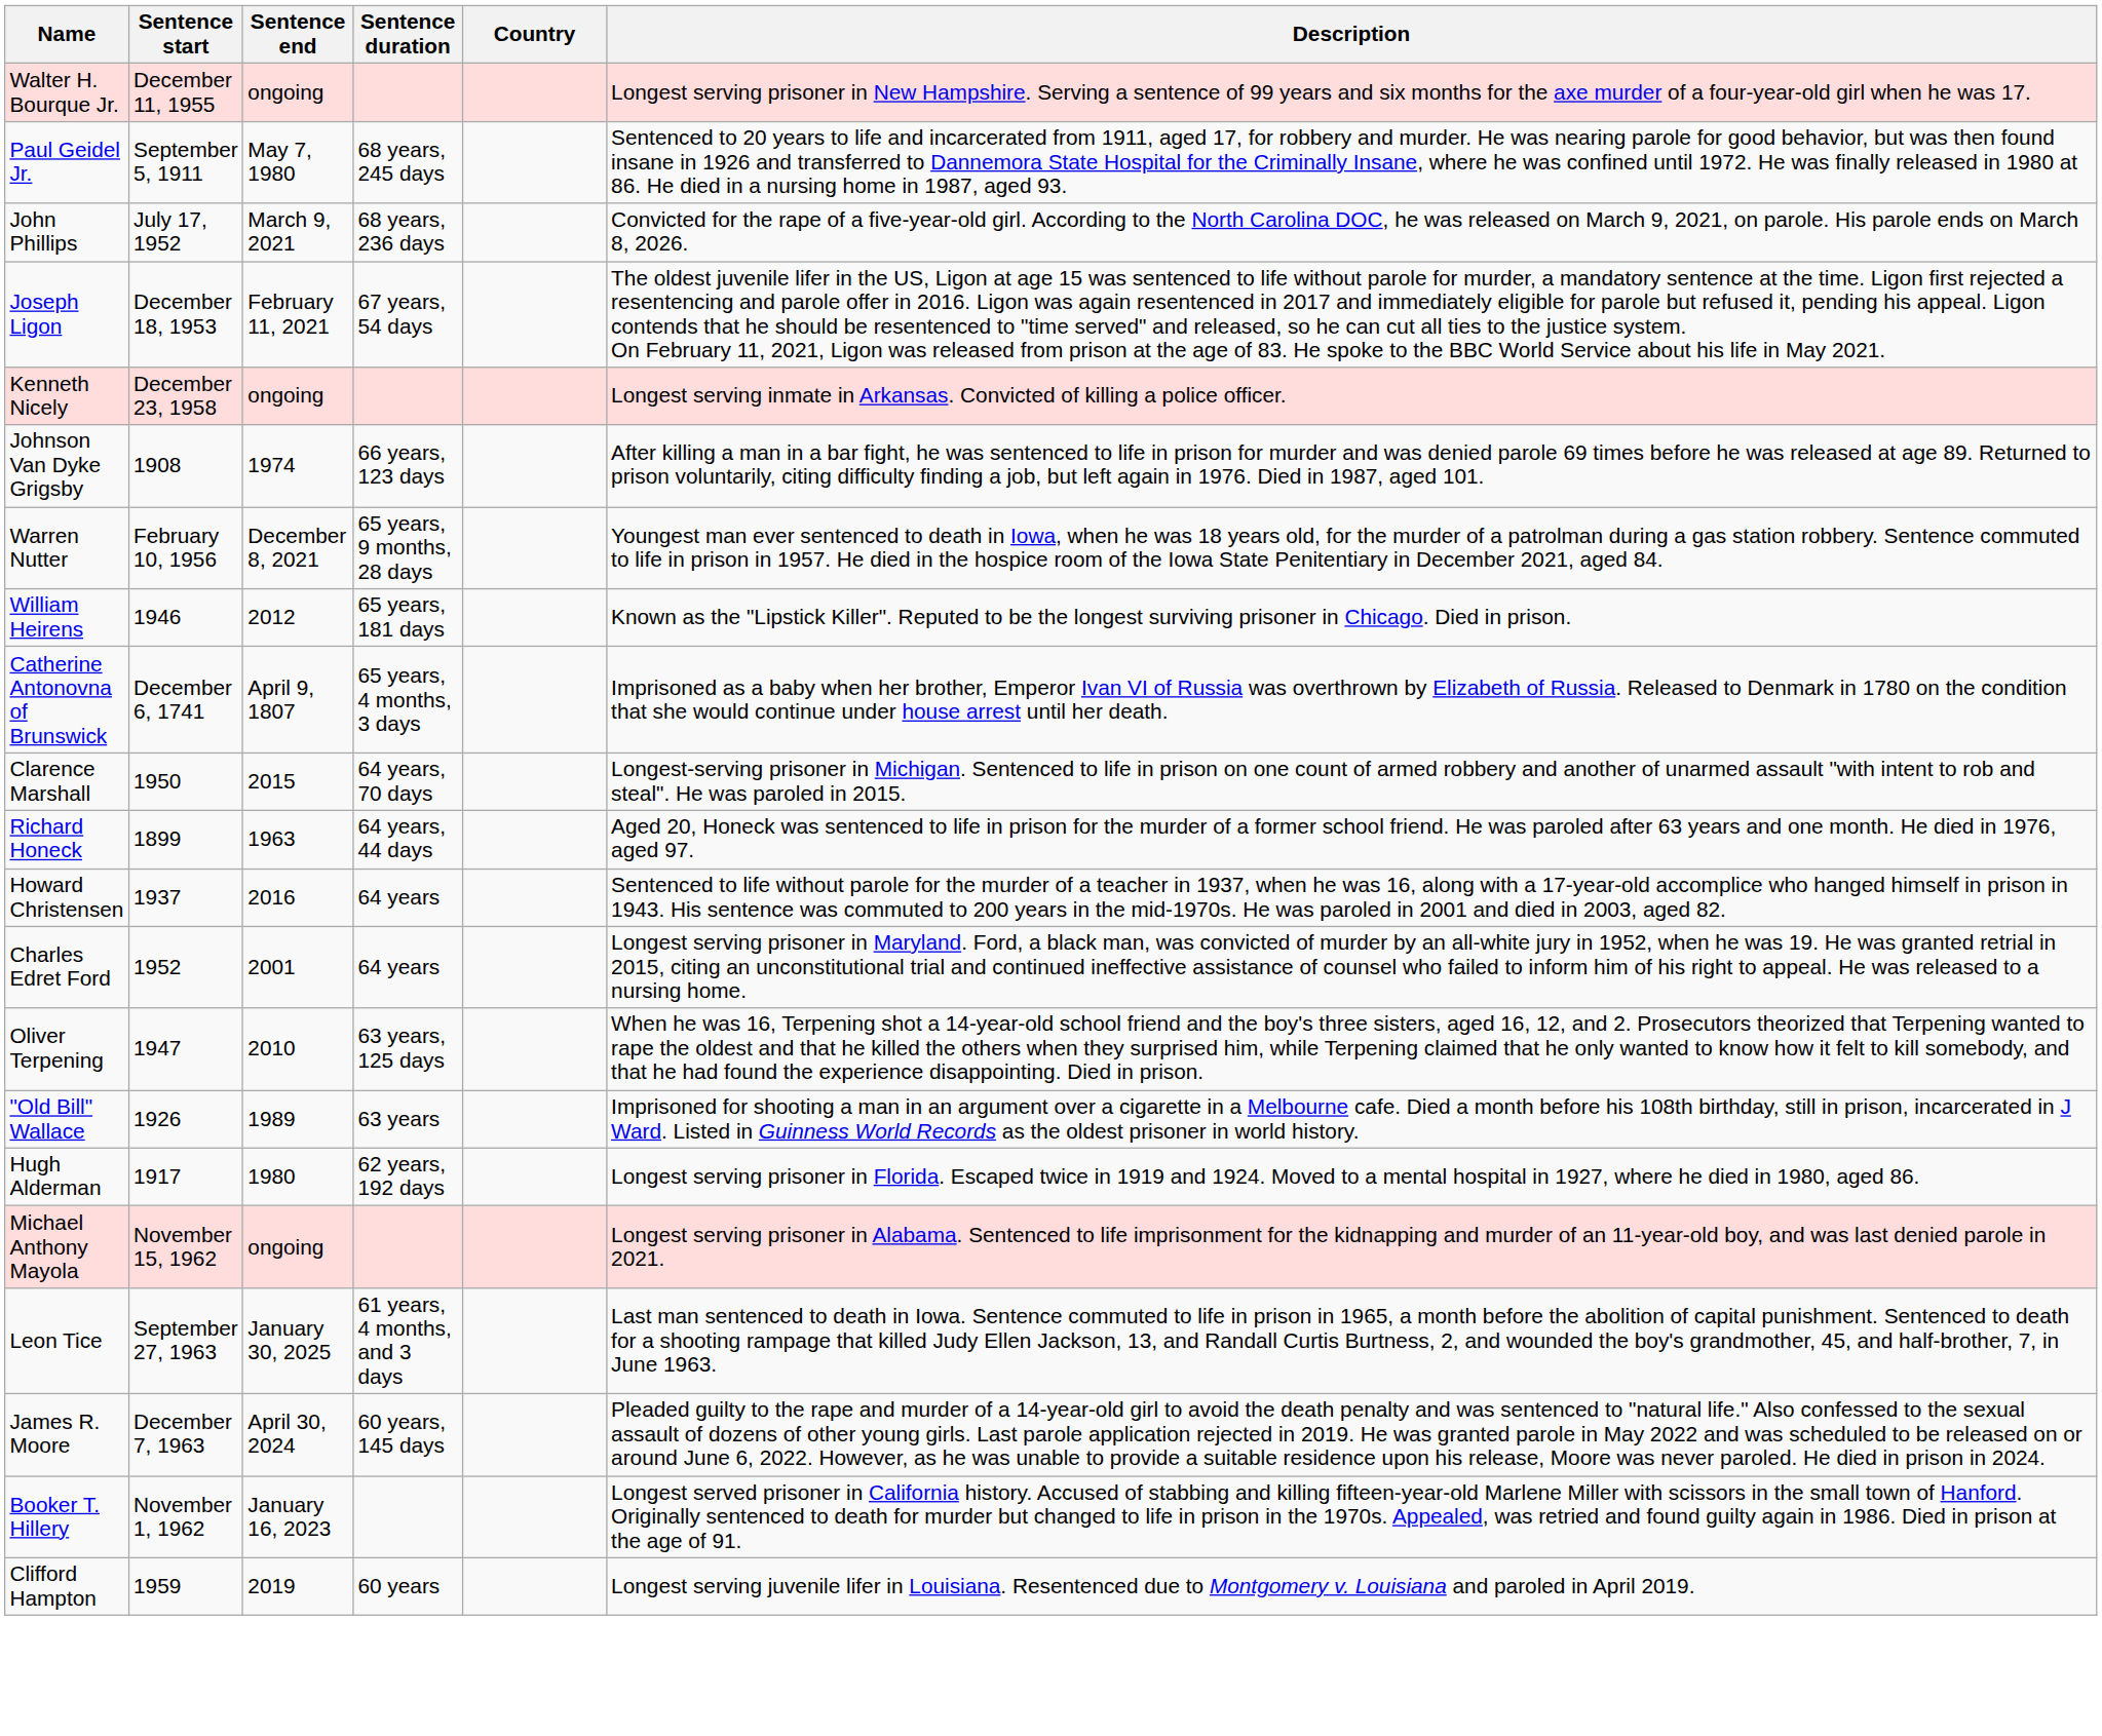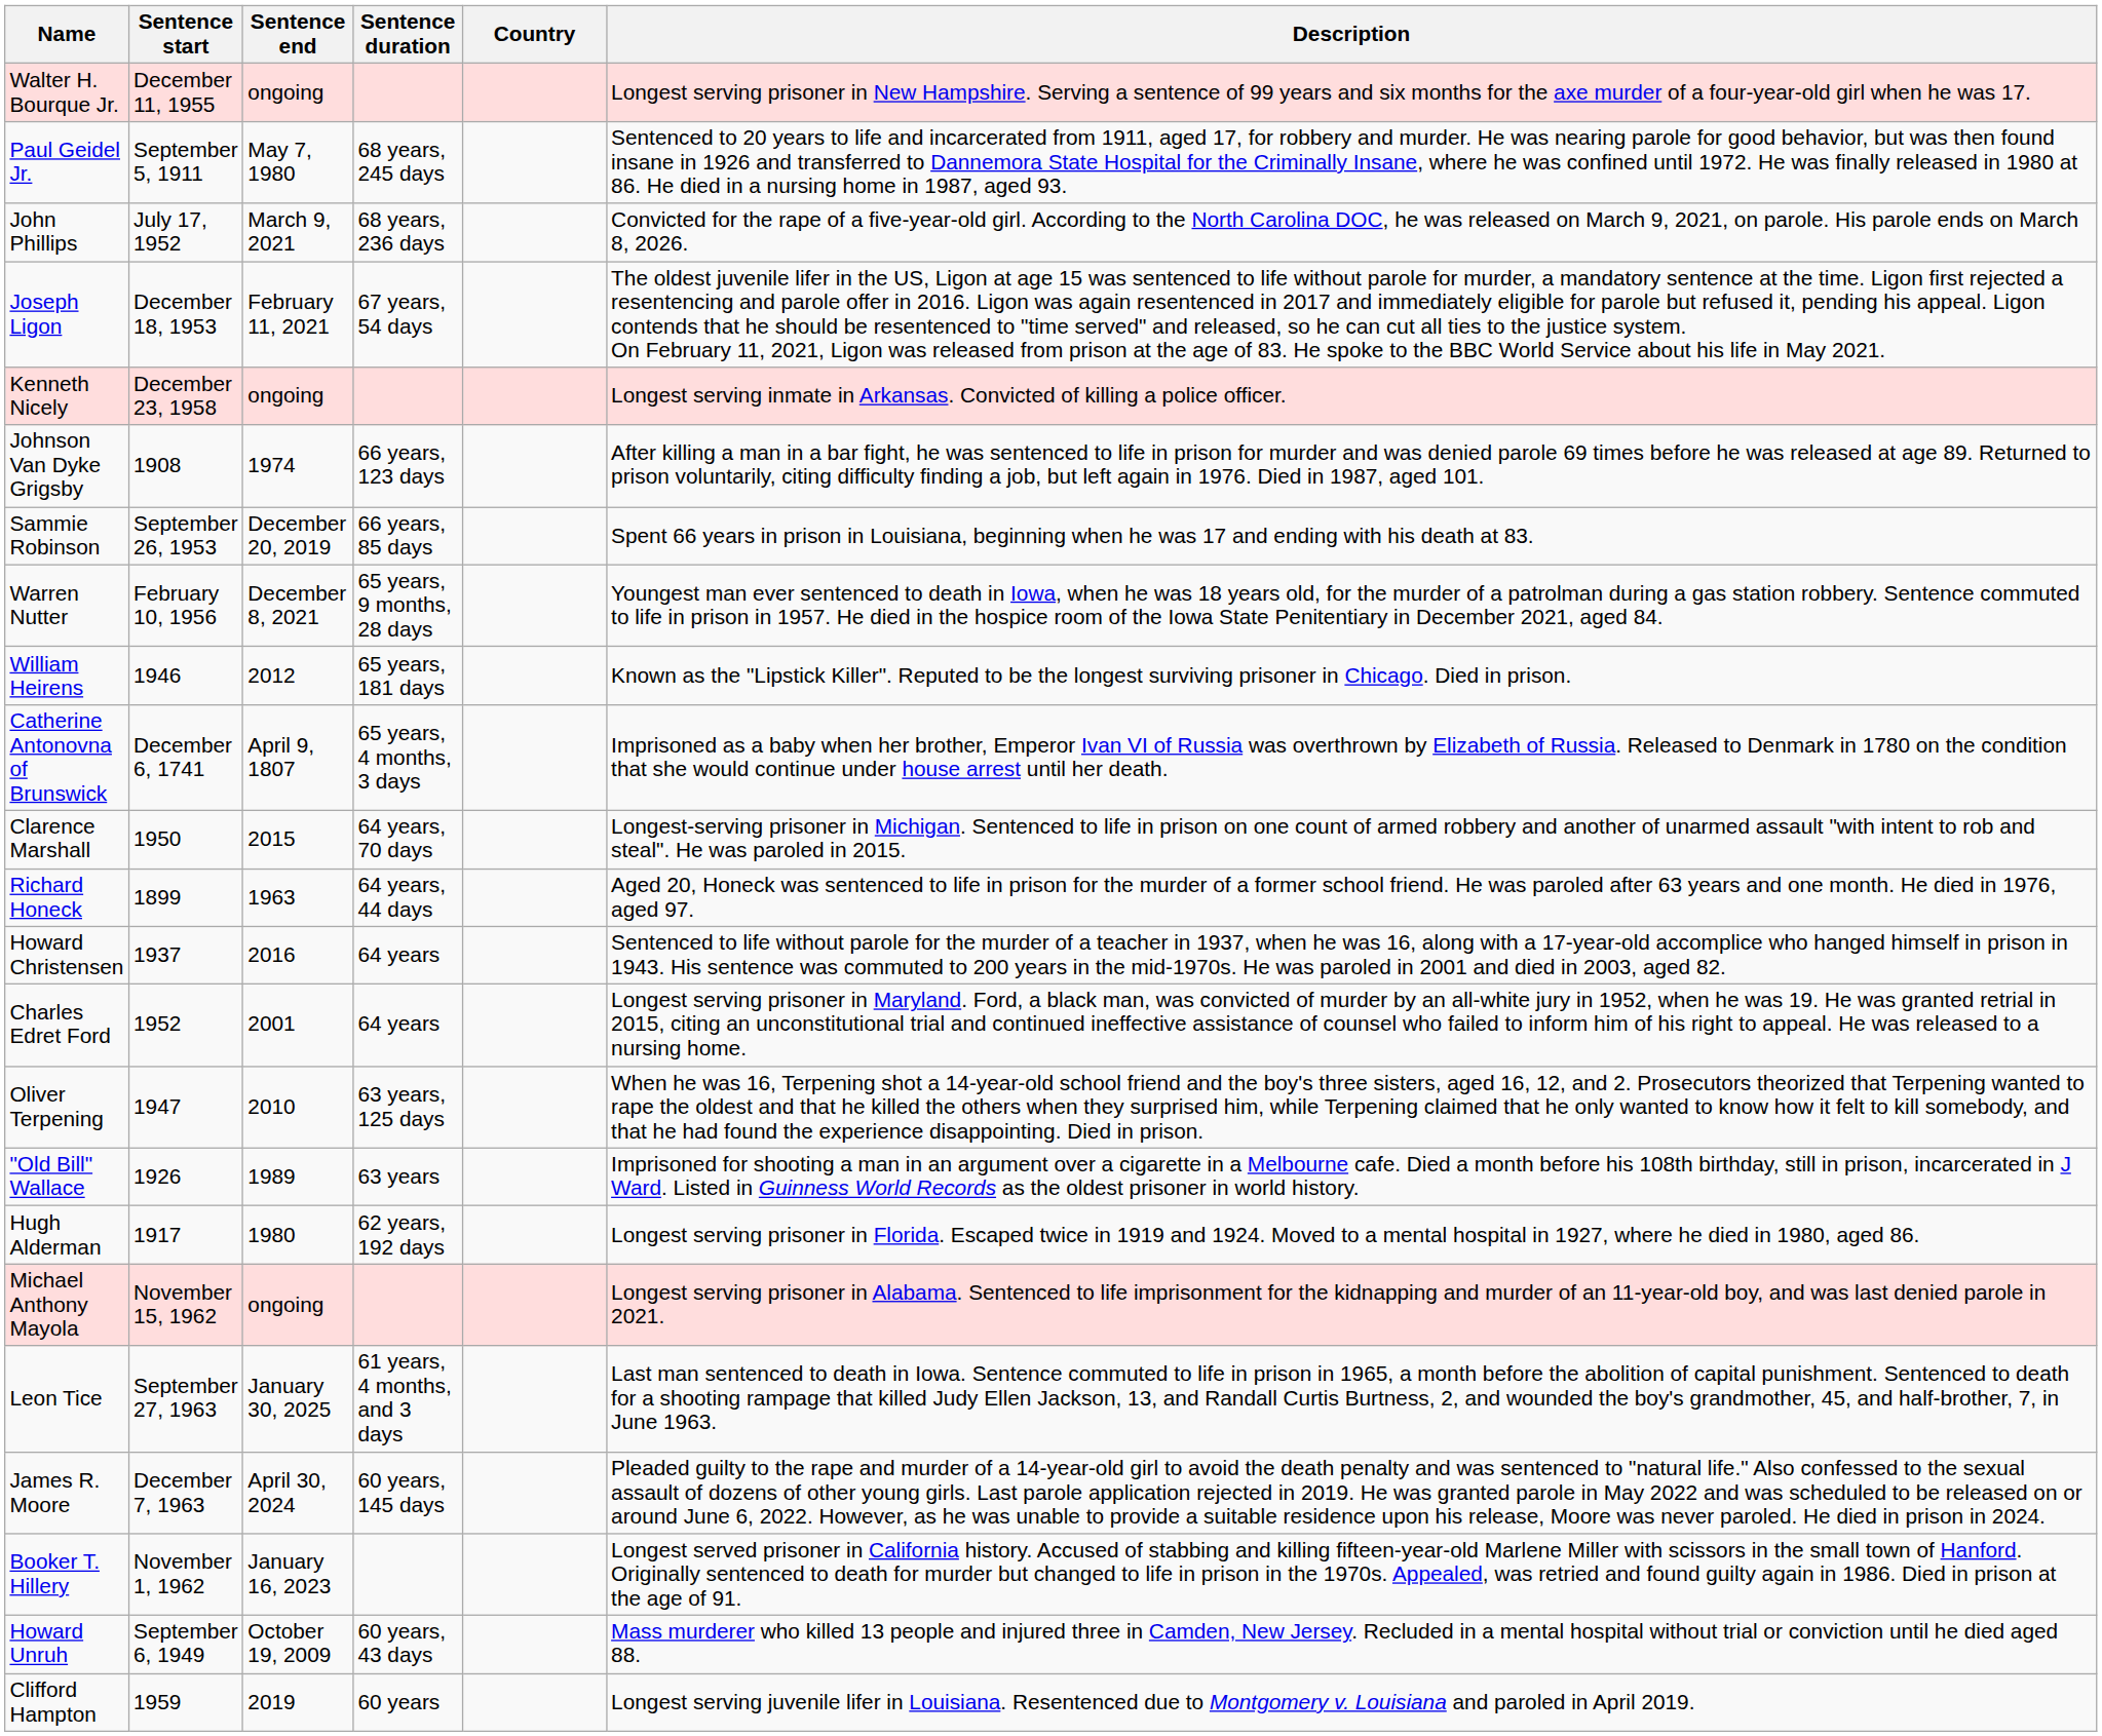 <table class="wikitable sortable" style="display: inline-table;width:;">
 <tr>
 <th style="width:76px;">Name</th>
 <th style="width:75px;">Sentence start</th>
 <th style="width:75px;">Sentence end</th>
 <th style="width:75px;">Sentence duration</th>
 <th style="width:100px;">Country</th>
 <th class="unsortable">Description</th>
 </tr>
 <tr style="background:#fdd;">
 <td>Walter H. Bourque Jr.</td>
 <td>December 11, 1955</td>
 <td>ongoing</td>
 <td></td>
 <td> </td>
 <td>Longest serving prisoner in <a href='#'>New Hampshire</a>. Serving a sentence of 99 years and six months for the <a href='#'>axe murder</a> of a four-year-old girl when he was 17.</td>
 </tr>
 <tr>
 <td><a href='#'>Paul Geidel Jr.</a></td>
 <td>September 5, 1911</td>
 <td>May 7, 1980</td>
 <td>68 years, 245 days</td>
 <td> </td>
 <td>Sentenced to 20 years to life and incarcerated from 1911, aged 17, for robbery and murder. He was nearing parole for good behavior, but was then found insane in 1926 and transferred to <a href='#'>Dannemora State Hospital for the Criminally Insane</a>, where he was confined until 1972. He was finally released in 1980 at 86. He died in a nursing home in 1987, aged 93.</td>
 </tr>
 <tr>
 <td>John Phillips</td>
 <td>July 17, 1952</td>
 <td>March 9, 2021</td>
 <td>68 years, 236 days</td>
 <td> </td>
 <td>Convicted for the rape of a five-year-old girl. According to the <a href='#'>North Carolina DOC</a>, he was released on March 9, 2021, on parole. His parole ends on March 8, 2026.</td>
 </tr>
 <tr>
 <td><a href='#'>Joseph Ligon</a></td>
 <td>December 18, 1953</td>
 <td>February 11, 2021</td>
 <td>67 years, 54 days</td>
 <td> </td>
 <td>The oldest juvenile lifer in the US, Ligon at age 15 was sentenced to life without parole for murder, a mandatory sentence at the time. Ligon first rejected a resentencing and parole offer in 2016. Ligon was again resentenced in 2017 and immediately eligible for parole but refused it, pending his appeal. Ligon contends that he should be resentenced to "time served" and released, so he can cut all ties to the justice system.<br>On February 11, 2021, Ligon was released from prison at the age of 83. He spoke to the BBC World Service about his life in May 2021.</td>
 </tr>
 <tr style="background:#fdd;">
 <td>Kenneth Nicely</td>
 <td>December 23, 1958</td>
 <td>ongoing</td>
 <td></td>
 <td> </td>
 <td>Longest serving inmate in <a href='#'>Arkansas</a>. Convicted of killing a police officer.</td>
 </tr>
 <tr>
 <td>Johnson Van Dyke Grigsby</td>
 <td>1908</td>
 <td>1974</td>
 <td>66 years, 123 days</td>
 <td> </td>
 <td>After killing a man in a bar fight, he was sentenced to life in prison for murder and was denied parole 69 times before he was released at age 89. Returned to prison voluntarily, citing difficulty finding a job, but left again in 1976. Died in 1987, aged 101.</td>
+</tr>
+<tr>
+<td>Sammie Robinson</td>
+<td>September 26, 1953</td>
+<td>December 20, 2019</td>
+<td>66 years, 85 days</td>
+<td> </td>
+<td>Spent 66 years in prison in Louisiana, beginning when he was 17 and ending with his death at 83.</td>
 </tr>
 <tr>
 <td>Warren Nutter</td>
 <td>February 10, 1956</td>
 <td>December 8, 2021</td>
 <td>65 years, 9 months, 28 days</td>
 <td> </td>
 <td>Youngest man ever sentenced to death in <a href='#'>Iowa</a>, when he was 18 years old, for the murder of a patrolman during a gas station robbery. Sentence commuted to life in prison in 1957. He died in the hospice room of the Iowa State Penitentiary in December 2021, aged 84.</td>
 </tr>
 <tr>
 <td><a href='#'>William Heirens</a></td>
 <td>1946</td>
 <td>2012</td>
 <td>65 years, 181 days</td>
 <td> </td>
 <td>Known as the "Lipstick Killer". Reputed to be the longest surviving prisoner in <a href='#'>Chicago</a>. Died in prison.</td>
 </tr>
 <tr>
 <td><a href='#'>Catherine Antonovna of Brunswick</a></td>
 <td>December 6, 1741</td>
 <td>April 9, 1807</td>
 <td>65 years, 4 months, 3 days</td>
 <td> <br> </td>
 <td>Imprisoned as a baby when her brother, Emperor <a href='#'>Ivan VI of Russia</a> was overthrown by <a href='#'>Elizabeth of Russia</a>. Released to Denmark in 1780 on the condition that she would continue under <a href='#'>house arrest</a> until her death.</td>
 </tr>
 <tr>
 <td>Clarence Marshall</td>
 <td>1950</td>
 <td>2015</td>
 <td>64 years, 70 days</td>
 <td> </td>
 <td>Longest-serving prisoner in <a href='#'>Michigan</a>. Sentenced to life in prison on one count of armed robbery and another of unarmed assault "with intent to rob and steal". He was paroled in 2015.</td>
 </tr>
 <tr>
 <td><a href='#'>Richard Honeck</a></td>
 <td>1899</td>
 <td>1963</td>
 <td>64 years, 44 days</td>
 <td> </td>
 <td>Aged 20, Honeck was sentenced to life in prison for the murder of a former school friend. He was paroled after 63 years and one month. He died in 1976, aged 97.</td>
 </tr>
 <tr>
 <td>Howard Christensen</td>
 <td>1937</td>
 <td>2016</td>
 <td>64 years</td>
 <td> </td>
 <td>Sentenced to life without parole for the murder of a teacher in 1937, when he was 16, along with a 17-year-old accomplice who hanged himself in prison in 1943. His sentence was commuted to 200 years in the mid-1970s. He was paroled in 2001 and died in 2003, aged 82.</td>
 </tr>
 <tr>
 <td>Charles Edret Ford</td>
 <td>1952</td>
 <td>2001</td>
 <td>64 years</td>
 <td> </td>
 <td>Longest serving prisoner in <a href='#'>Maryland</a>. Ford, a black man, was convicted of murder by an all-white jury in 1952, when he was 19. He was granted retrial in 2015, citing an unconstitutional trial and continued ineffective assistance of counsel who failed to inform him of his right to appeal. He was released to a nursing home.</td>
 </tr>
 <tr>
 <td>Oliver Terpening</td>
 <td>1947</td>
 <td>2010</td>
 <td>63 years, 125 days</td>
 <td> </td>
 <td>When he was 16, Terpening shot a 14-year-old school friend and the boy's three sisters, aged 16, 12, and 2. Prosecutors theorized that Terpening wanted to rape the oldest and that he killed the others when they surprised him, while Terpening claimed that he only wanted to know how it felt to kill somebody, and that he had found the experience disappointing. Died in prison.</td>
 </tr>
 <tr>
 <td><a href='#'>"Old Bill" Wallace</a></td>
 <td>1926</td>
 <td>1989</td>
 <td>63 years</td>
 <td> </td>
 <td>Imprisoned for shooting a man in an argument over a cigarette in a <a href='#'>Melbourne</a> cafe. Died a month before his 108th birthday, still in prison, incarcerated in <a href='#'>J Ward</a>. Listed in <em><a href='#'>Guinness World Records</a></em> as the oldest prisoner in world history.</td>
 </tr>
 <tr>
 <td>Hugh Alderman</td>
 <td>1917</td>
 <td>1980</td>
 <td>62 years, 192 days</td>
 <td> </td>
 <td>Longest serving prisoner in <a href='#'>Florida</a>. Escaped twice in 1919 and 1924. Moved to a mental hospital in 1927, where he died in 1980, aged 86.</td>
 </tr>
 <tr style="background:#fdd;">
 <td>Michael Anthony Mayola</td>
 <td>November 15, 1962</td>
 <td>ongoing</td>
 <td></td>
 <td> </td>
 <td>Longest serving prisoner in <a href='#'>Alabama</a>. Sentenced to life imprisonment for the kidnapping and murder of an 11-year-old boy, and was last denied parole in 2021.</td>
 </tr>
 <tr>
 <td>Leon Tice</td>
 <td>September 27, 1963</td>
 <td>January 30, 2025</td>
 <td>61 years, 4 months, and 3 days</td>
 <td> </td>
 <td>Last man sentenced to death in Iowa. Sentence commuted to life in prison in 1965, a month before the abolition of capital punishment. Sentenced to death for a shooting rampage that killed Judy Ellen Jackson, 13, and Randall Curtis Burtness, 2, and wounded the boy's grandmother, 45, and half-brother, 7, in June 1963.</td>
 </tr>
 <tr>
 <td>James R. Moore</td>
 <td>December 7, 1963</td>
 <td>April 30, 2024</td>
 <td>60 years, 145 days</td>
 <td> </td>
 <td>Pleaded guilty to the rape and murder of a 14-year-old girl to avoid the death penalty and was sentenced to "natural life."  Also confessed to the sexual assault of dozens of other young girls. Last parole application rejected in 2019. He was granted parole in May 2022 and was scheduled to be released on or around June 6, 2022. However, as he was unable to provide a suitable residence upon his release, Moore was never paroled. He died in prison in 2024.</td>
 </tr>
 <tr>
 <td><a href='#'>Booker T. Hillery</a></td>
 <td>November 1, 1962</td>
 <td>January 16, 2023</td>
 <td></td>
 <td> </td>
 <td>Longest served prisoner in <a href='#'>California</a> history. Accused of stabbing and killing fifteen-year-old Marlene Miller with scissors in the small town of <a href='#'>Hanford</a>. Originally sentenced to death for murder but changed to life in prison in the 1970s. <a href='#'>Appealed</a>, was retried and found guilty again in 1986. Died in prison at the age of 91.</td>
 </tr>
 <tr>
+<td><a href='#'>Howard Unruh</a></td>
+<td>September 6, 1949</td>
+<td>October 19, 2009</td>
+<td>60 years, 43 days</td>
+<td> </td>
+<td><a href='#'>Mass murderer</a> who killed 13 people and injured three in <a href='#'>Camden, New Jersey</a>. Recluded in a mental hospital without trial or conviction until he died aged 88.</td>
+</tr>
+<tr>
 <td>Clifford Hampton</td>
 <td>1959</td>
 <td>2019</td>
 <td>60 years</td>
 <td> </td>
 <td>Longest serving juvenile lifer in <a href='#'>Louisiana</a>. Resentenced due to <em><a href='#'>Montgomery v. Louisiana</a></em> and paroled in April 2019.</td>
 </tr>
 </table>
